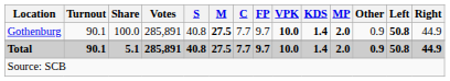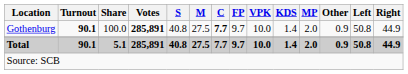 <table class="wikitable sortable" style=text-align:right>
 <tr>
 <th>Location</th>
 <th>Turnout</th>
 <th>Share</th>
 <th>Votes</th>
 <th><a href='#'>S</a></th>
 <th><a href='#'>M</a></th>
 <th><a href='#'>C</a></th>
 <th><a href='#'>FP</a></th>
 <th><a href='#'>VPK</a></th>
 <th><a href='#'>KDS</a></th>
 <th><a href='#'>MP</a></th>
 <th>Other</th>
 <th>Left</th>
 <th>Right</th>
 </tr>
 <tr>
 <td align=left><a href='#'>Gothenburg</a></td>
-<td>90.1</td>
+<td><strong>90.1</strong></td>
 <td>100.0</td>
-<td>285,891</td>
+<td><strong>285,891</strong></td>
 <td>40.8</td>
-<td><strong>27.5</strong></td>
-<td>7.7</td>
+<td>27.5</td>
+<td><strong>7.7</strong></td>
 <td>9.7</td>
-<td><strong>10.0</strong></td>
-<td><strong>1.4</strong></td>
-<td><strong>2.0</strong></td>
+<td>10.0</td>
+<td>1.4</td>
+<td>2.0</td>
 <td>0.9</td>
-<td><strong>50.8</strong></td>
+<td>50.8</td>
 <td>44.9</td>
 </tr>
 <tr>
 </tr>
 <tr style="background:#CDCDCD;">
 <td align=left><strong>Total</strong></td>
 <td><strong>90.1</strong></td>
 <td><strong>5.1</strong></td>
 <td><strong>285,891</strong></td>
 <td><strong>40.8</strong></td>
 <td><strong>27.5</strong></td>
 <td><strong>7.7</strong></td>
 <td><strong>9.7</strong></td>
 <td><strong>10.0</strong></td>
 <td><strong>1.4</strong></td>
 <td><strong>2.0</strong></td>
 <td><strong>0.9</strong></td>
 <td><strong>50.8</strong></td>
 <td><strong>44.9</strong></td>
 </tr>
 <tr>
 <td align=left colspan=14>Source: SCB </td>
 </tr>
 </table>
